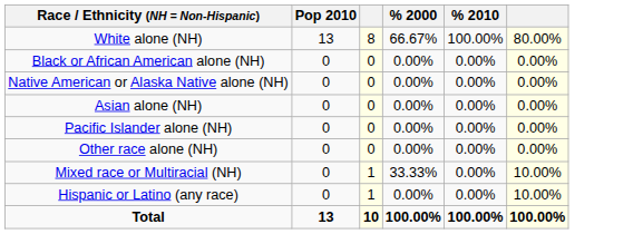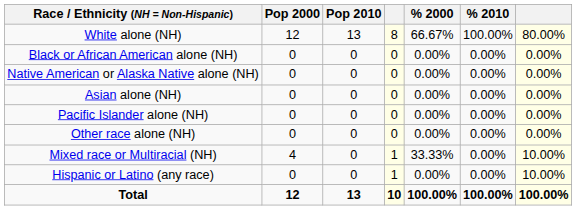 <table class="wikitable" style="text-align:center;">
 <tr>
 <th>Race / Ethnicity <small>(<em>NH = Non-Hispanic</em>)</small></th>
+<th>Pop 2000</th>
 <th>Pop 2010</th>
 <th></th>
 <th>% 2000</th>
 <th>% 2010</th>
 <th></th>
 </tr>
 <tr>
 <td><a href='#'>White</a> alone (NH)</td>
+<td>12</td>
 <td>13</td>
 <td style='background: #ffffe6;'>8</td>
 <td>66.67%</td>
 <td>100.00%</td>
 <td style='background: #ffffe6;'>80.00%</td>
 </tr>
 <tr>
 <td><a href='#'>Black or African American</a> alone (NH)</td>
 <td>0</td>
+<td>0</td>
 <td style='background: #ffffe6;'>0</td>
 <td>0.00%</td>
 <td>0.00%</td>
 <td style='background: #ffffe6;'>0.00%</td>
 </tr>
 <tr>
 <td><a href='#'>Native American</a> or <a href='#'>Alaska Native</a> alone (NH)</td>
+<td>0</td>
 <td>0</td>
 <td style='background: #ffffe6;'>0</td>
 <td>0.00%</td>
 <td>0.00%</td>
 <td style='background: #ffffe6;'>0.00%</td>
 </tr>
 <tr>
 <td><a href='#'>Asian</a> alone (NH)</td>
 <td>0</td>
+<td>0</td>
 <td style='background: #ffffe6;'>0</td>
 <td>0.00%</td>
 <td>0.00%</td>
 <td style='background: #ffffe6;'>0.00%</td>
 </tr>
 <tr>
 <td><a href='#'>Pacific Islander</a> alone (NH)</td>
+<td>0</td>
 <td>0</td>
 <td style='background: #ffffe6;'>0</td>
 <td>0.00%</td>
 <td>0.00%</td>
 <td style='background: #ffffe6;'>0.00%</td>
 </tr>
 <tr>
 <td><a href='#'>Other race</a> alone (NH)</td>
 <td>0</td>
+<td>0</td>
 <td style='background: #ffffe6;'>0</td>
 <td>0.00%</td>
 <td>0.00%</td>
 <td style='background: #ffffe6;'>0.00%</td>
 </tr>
 <tr>
 <td><a href='#'>Mixed race or Multiracial</a> (NH)</td>
+<td>4</td>
 <td>0</td>
 <td style='background: #ffffe6;'>1</td>
 <td>33.33%</td>
 <td>0.00%</td>
 <td style='background: #ffffe6;'>10.00%</td>
 </tr>
 <tr>
 <td><a href='#'>Hispanic or Latino</a> (any race)</td>
 <td>0</td>
+<td>0</td>
 <td style='background: #ffffe6;'>1</td>
 <td>0.00%</td>
 <td>0.00%</td>
 <td style='background: #ffffe6;'>10.00%</td>
 </tr>
 <tr>
 <td><strong>Total</strong></td>
+<td><strong>12</strong></td>
 <td><strong>13</strong></td>
 <td style='background: #ffffe6;'><strong>10</strong></td>
 <td><strong>100.00%</strong></td>
 <td><strong>100.00%</strong></td>
 <td style='background: #ffffe6;'><strong>100.00%</strong></td>
 </tr>
 </table>
